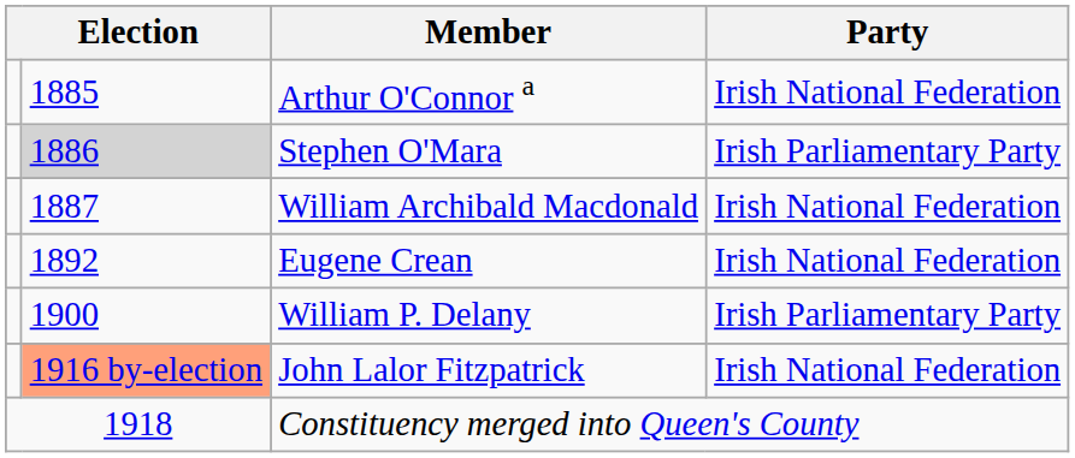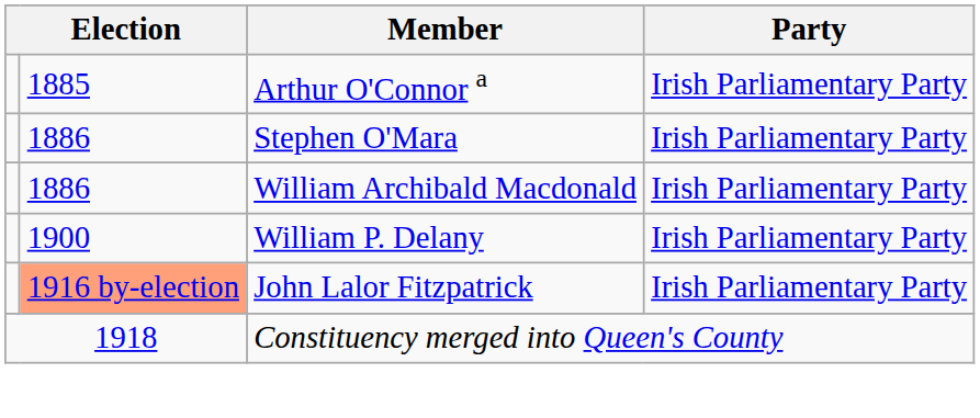 <table class="wikitable">
 <tr>
 <th colspan="2">Election</th>
 <th>Member</th>
 <th>Party</th>
 </tr>
 <tr>
 <td style="color:inherit;background-color: "></td>
 <td><a href='#'>1885</a></td>
 <td><a href='#'>Arthur O'Connor</a> <sup>a</sup></td>
-<td><a href='#'>Irish National Federation</a></td>
+<td><a href='#'>Irish Parliamentary Party</a></td>
 </tr>
 <tr>
 <td style="color:inherit;background-color: "></td>
-<td style="background: lightgrey;"><a href='#'>1886</a></td>
+<td><a href='#'>1886</a></td>
 <td><a href='#'>Stephen O'Mara</a></td>
 <td><a href='#'>Irish Parliamentary Party</a></td>
 </tr>
 <tr>
 <td style="color:inherit;background-color: "></td>
-<td><a href='#'>1887</a></td>
+<td><a href='#'>1886</a></td>
 <td><a href='#'>William Archibald Macdonald</a></td>
-<td><a href='#'>Irish National Federation</a></td>
-</tr>
-<tr>
-<td style="color:inherit;background-color: "></td>
-<td><a href='#'>1892</a></td>
-<td><a href='#'>Eugene Crean</a></td>
-<td><a href='#'>Irish National Federation</a></td>
+<td><a href='#'>Irish Parliamentary Party</a></td>
 </tr>
 <tr>
 <td style="color:inherit;background-color: "></td>
 <td><a href='#'>1900</a></td>
 <td><a href='#'>William P. Delany</a></td>
 <td><a href='#'>Irish Parliamentary Party</a></td>
 </tr>
 <tr>
 <td style="color:inherit;background-color: "></td>
 <td style="background: lightsalmon;"><a href='#'>1916 by-election</a></td>
 <td><a href='#'>John Lalor Fitzpatrick</a></td>
-<td><a href='#'>Irish National Federation</a></td>
+<td><a href='#'>Irish Parliamentary Party</a></td>
 </tr>
 <tr>
 <td colspan="2" align="center"><a href='#'>1918</a></td>
 <td colspan="2"><em>Constituency merged into <a href='#'>Queen's County</a></em></td>
 </tr>
 </table>
